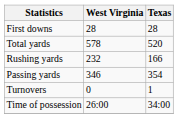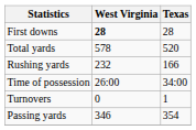 <table class="wikitable" style="float: left;">
 <tr>
 <th>Statistics</th>
 <th>West Virginia</th>
 <th>Texas</th>
 </tr>
 <tr>
 <td>First downs</td>
-<td>28</td>
+<td><strong>28</strong></td>
 <td>28</td>
 </tr>
 <tr>
 <td>Total yards</td>
 <td>578</td>
 <td>520</td>
 </tr>
 <tr>
 <td>Rushing yards</td>
 <td>232</td>
 <td>166</td>
 </tr>
 <tr>
-<td>Passing yards</td>
-<td>346</td>
-<td>354</td>
+<td>Time of possession</td>
+<td>26:00</td>
+<td>34:00</td>
 </tr>
 <tr>
 <td>Turnovers</td>
 <td>0</td>
 <td>1</td>
 </tr>
 <tr>
-<td>Time of possession</td>
-<td>26:00</td>
-<td>34:00</td>
+<td>Passing yards</td>
+<td>346</td>
+<td>354</td>
 </tr>
 <tr>
 </tr>
 </table>
